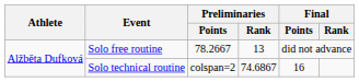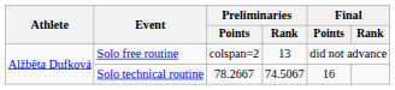 <table class=wikitable style="font-size:90%">
 <tr>
 <th rowspan="2">Athlete</th>
 <th rowspan="2">Event</th>
 <th colspan="2">Preliminaries</th>
 <th colspan="2">Final</th>
 </tr>
 <tr style="font-size:95%">
 <th>Points</th>
 <th>Rank</th>
 <th>Points</th>
 <th>Rank</th>
 </tr>
 <tr align=center>
 <td align=left rowspan=2><a href='#'>Alžběta Dufková</a></td>
 <td align=left><a href='#'>Solo free routine</a></td>
-<td>78.2667</td>
+<td>colspan=2</td>
 <td>13</td>
 <td colspan=2>did not advance</td>
 </tr>
 <tr align=center>
 <td align=left><a href='#'>Solo technical routine</a></td>
-<td>colspan=2</td>
-<td>74.6867</td>
+<td>78.2667</td>
+<td>74.5067</td>
 <td>16</td>
 </tr>
 </table>
